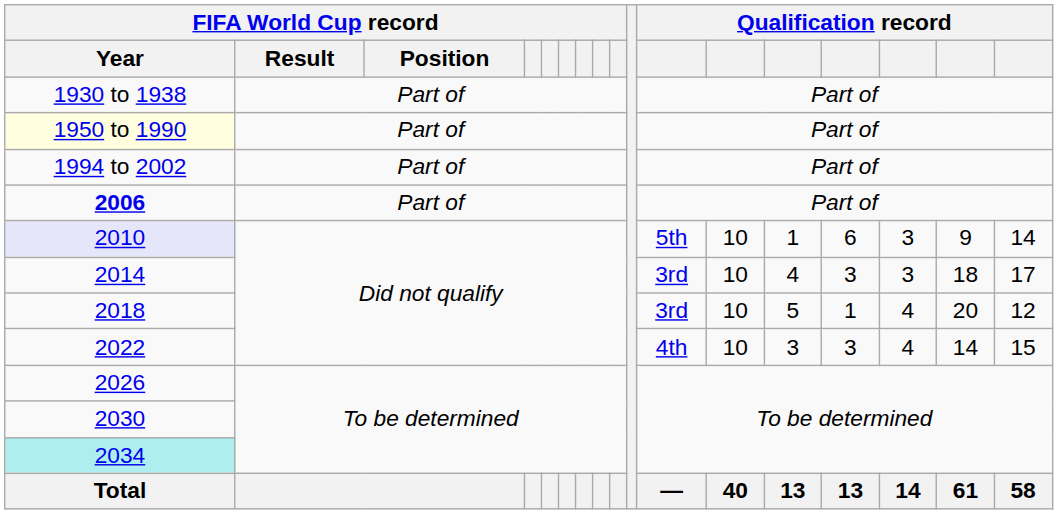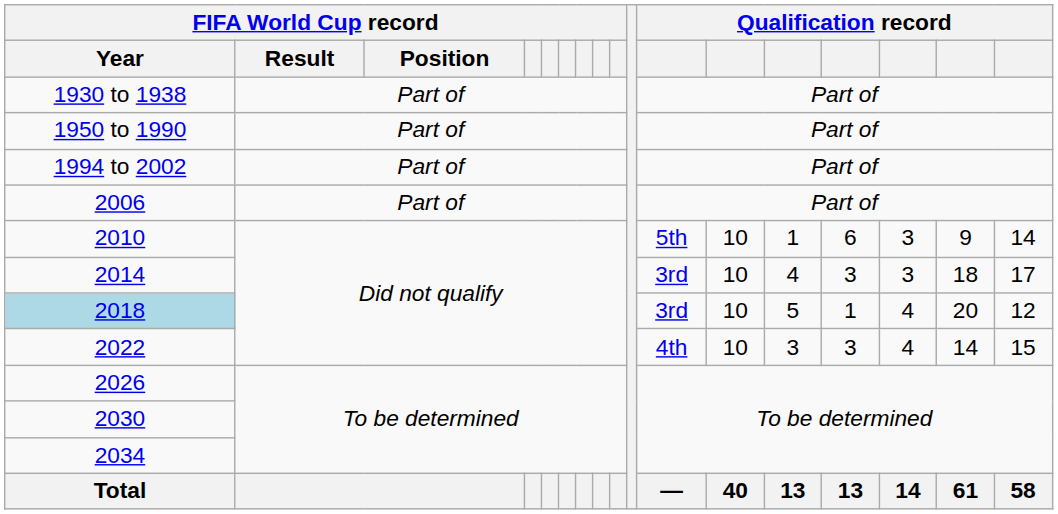 <table class="wikitable" style="text-align: center">
 <tr>
 <th colspan=9><a href='#'>FIFA World Cup</a> record</th>
 <th width=1% rowspan=28></th>
 <th colspan=7><a href='#'>Qualification</a> record</th>
 </tr>
 <tr>
 <th>Year</th>
 <th>Result</th>
 <th>Position</th>
 <th></th>
 <th></th>
 <th></th>
 <th></th>
 <th></th>
 <th></th>
 <th></th>
 <th></th>
 <th></th>
 <th></th>
 <th></th>
 <th></th>
 <th></th>
 </tr>
 <tr>
 <td> <a href='#'>1930</a> to  <a href='#'>1938</a></td>
 <td colspan=8><em>Part of </em></td>
 <td colspan=7><em>Part of </em></td>
 </tr>
 <tr>
-<td style="background: lightyellow;"> <a href='#'>1950</a> to  <a href='#'>1990</a></td>
+<td> <a href='#'>1950</a> to  <a href='#'>1990</a></td>
 <td colspan=8><em>Part of </em></td>
 <td colspan=7><em>Part of </em></td>
 </tr>
 <tr>
 <td> <a href='#'>1994</a> to   <a href='#'>2002</a></td>
 <td colspan=8><em>Part of </em></td>
 <td colspan=7><em>Part of </em></td>
 </tr>
 <tr>
-<td><strong> <a href='#'>2006</a></strong></td>
+<td> <a href='#'>2006</a></td>
 <td colspan=8><em>Part of </em></td>
 <td colspan=7><em>Part of </em></td>
 </tr>
 <tr>
-<td style="background: lavender;"> <a href='#'>2010</a></td>
+<td> <a href='#'>2010</a></td>
 <td colspan=8 rowspan=4><em>Did not qualify</em></td>
 <td><a href='#'>5th</a></td>
 <td>10</td>
 <td>1</td>
 <td>6</td>
 <td>3</td>
 <td>9</td>
 <td>14</td>
 </tr>
 <tr>
 <td> <a href='#'>2014</a></td>
 <td><a href='#'>3rd</a></td>
 <td>10</td>
 <td>4</td>
 <td>3</td>
 <td>3</td>
 <td>18</td>
 <td>17</td>
 </tr>
 <tr>
-<td> <a href='#'>2018</a></td>
+<td style="background: lightblue;"> <a href='#'>2018</a></td>
 <td><a href='#'>3rd</a></td>
 <td>10</td>
 <td>5</td>
 <td>1</td>
 <td>4</td>
 <td>20</td>
 <td>12</td>
 </tr>
 <tr>
 <td> <a href='#'>2022</a></td>
 <td><a href='#'>4th</a></td>
 <td>10</td>
 <td>3</td>
 <td>3</td>
 <td>4</td>
 <td>14</td>
 <td>15</td>
 </tr>
 <tr>
 <td>   <a href='#'>2026</a></td>
 <td colspan=8 rowspan=3><em>To be determined</em></td>
 <td colspan=7 rowspan=3><em>To be determined</em></td>
 </tr>
 <tr>
 <td>   <a href='#'>2030</a></td>
 </tr>
 <tr>
-<td style="background: paleturquoise;"> <a href='#'>2034</a></td>
+<td> <a href='#'>2034</a></td>
 </tr>
 <tr>
 <th>Total</th>
 <th colspan=2></th>
 <th></th>
 <th></th>
 <th></th>
 <th></th>
 <th></th>
 <th></th>
 <th>—</th>
 <th>40</th>
 <th>13</th>
 <th>13</th>
 <th>14</th>
 <th>61</th>
 <th>58</th>
 </tr>
 </table>
